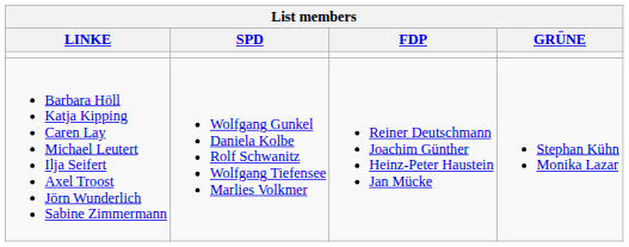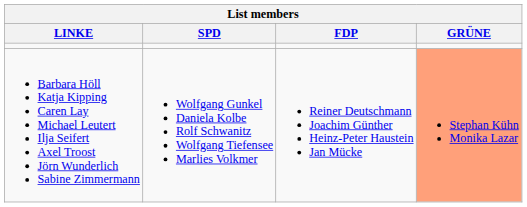 <table class=wikitable>
 <tr>
 <th colspan=4>List members</th>
 </tr>
 <tr>
 <th><a href='#'>LINKE</a></th>
 <th><a href='#'>SPD</a></th>
 <th><a href='#'>FDP</a></th>
 <th><a href='#'>GRÜNE</a></th>
 </tr>
 <tr>
 <td bgcolor=></td>
 <td bgcolor=></td>
 <td bgcolor=></td>
 <td bgcolor=></td>
 </tr>
 <tr>
 <td><br><ul><li><a href='#'>Barbara Höll</a></li><li><a href='#'>Katja Kipping</a></li><li><a href='#'>Caren Lay</a></li><li><a href='#'>Michael Leutert</a></li><li><a href='#'>Ilja Seifert</a></li><li><a href='#'>Axel Troost</a></li><li><a href='#'>Jörn Wunderlich</a></li><li><a href='#'>Sabine Zimmermann</a></li></ul></td>
 <td><br><ul><li><a href='#'>Wolfgang Gunkel</a></li><li><a href='#'>Daniela Kolbe</a></li><li><a href='#'>Rolf Schwanitz</a></li><li><a href='#'>Wolfgang Tiefensee</a></li><li><a href='#'>Marlies Volkmer</a></li></ul></td>
 <td><br><ul><li><a href='#'>Reiner Deutschmann</a></li><li><a href='#'>Joachim Günther</a></li><li><a href='#'>Heinz-Peter Haustein</a></li><li><a href='#'>Jan Mücke</a></li></ul></td>
-<td><br><ul><li><a href='#'>Stephan Kühn</a></li><li><a href='#'>Monika Lazar</a></li></ul></td>
+<td style="background: lightsalmon;"><br><ul><li><a href='#'>Stephan Kühn</a></li><li><a href='#'>Monika Lazar</a></li></ul></td>
 </tr>
 </table>
